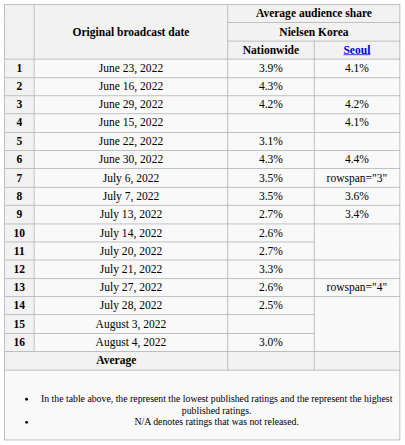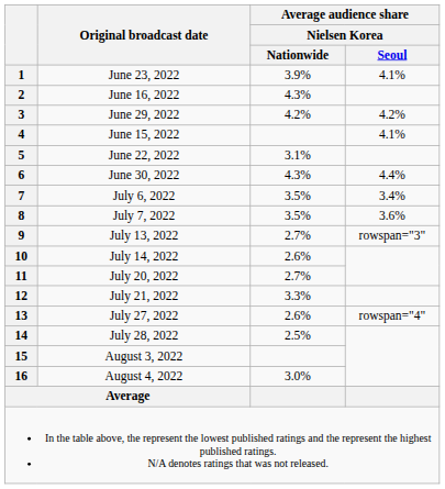 <table class="wikitable" style="margin-left:auto; margin-right:auto; width:550px; text-align:center">
 <tr>
 <th scope="col" rowspan="3"></th>
 <th scope="col" rowspan="3">Original broadcast date</th>
 <th scope="col" colspan="2">Average audience share</th>
 </tr>
 <tr>
 <th scope="col" colspan="2">Nielsen Korea</th>
 </tr>
 <tr>
 <th scope="col" style="width:7em">Nationwide</th>
 <th scope="col" style="width:7em"><a href='#'>Seoul</a></th>
 </tr>
 <tr>
 <th scope="col">1</th>
 <td>June 23, 2022</td>
 <td>3.9% </td>
 <td>4.1% </td>
 </tr>
 <tr>
 <th scope="col">2</th>
 <td>June 16, 2022</td>
 <td>4.3% </td>
 <td><strong></strong> </td>
 </tr>
 <tr>
 <th scope="col">3</th>
 <td>June 29, 2022</td>
 <td>4.2% </td>
 <td>4.2% </td>
 </tr>
 <tr>
 <th scope="col">4</th>
 <td>June 15, 2022</td>
 <td><strong></strong> </td>
 <td>4.1% </td>
 </tr>
 <tr>
 <th scope="col">5</th>
 <td>June 22, 2022</td>
 <td>3.1% </td>
 <td></td>
 </tr>
 <tr>
 <th scope="col">6</th>
 <td>June 30, 2022</td>
 <td>4.3% </td>
 <td>4.4% </td>
 </tr>
 <tr>
 <th scope="col">7</th>
 <td>July 6, 2022</td>
 <td>3.5% </td>
-<td>rowspan="3" </td>
+<td>3.4% </td>
 </tr>
 <tr>
 <th scope="col">8</th>
 <td>July 7, 2022</td>
 <td>3.5% </td>
 <td>3.6% </td>
 </tr>
 <tr>
 <th scope="col">9</th>
 <td>July 13, 2022</td>
 <td>2.7% </td>
-<td>3.4% </td>
+<td>rowspan="3" </td>
 </tr>
 <tr>
 <th scope="col">10</th>
 <td>July 14, 2022</td>
 <td>2.6% </td>
 </tr>
 <tr>
 <th scope="col">11</th>
 <td>July 20, 2022</td>
 <td>2.7% </td>
 </tr>
 <tr>
 <th scope="col">12</th>
 <td>July 21, 2022</td>
 <td>3.3% </td>
 <td><strong></strong> </td>
 </tr>
 <tr>
 <th scope="col">13</th>
 <td>July 27, 2022</td>
 <td>2.6% </td>
 <td>rowspan="4" </td>
 </tr>
 <tr>
 <th scope="col">14</th>
 <td>July 28, 2022</td>
 <td>2.5% </td>
 </tr>
 <tr>
 <th scope="col">15</th>
 <td>August 3, 2022</td>
 <td><strong></strong> </td>
 </tr>
 <tr>
 <th scope="col">16</th>
 <td>August 4, 2022</td>
 <td>3.0% </td>
 </tr>
 <tr>
 <th scope="col" colspan="2">Average</th>
 <th scope="col"></th>
 <th scope="col"></th>
 </tr>
 <tr>
 <td colspan="4" style="font-size:85%"><br><ul><li>In the table above, the <strong></strong> represent the lowest published ratings and the <strong></strong> represent the highest published ratings.</li><li>N/A denotes ratings that was not released.</li></ul></td>
 </tr>
 </table>
